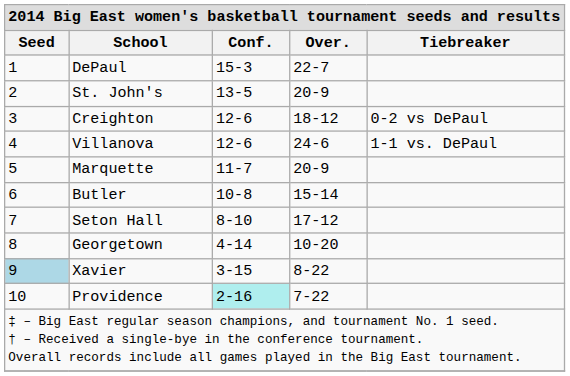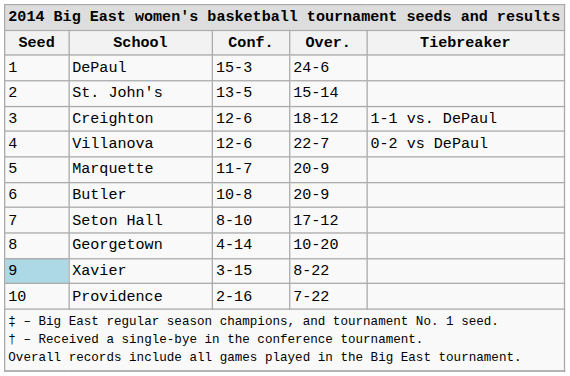 <table class="wikitable" style="white-space:nowrap; font-size:90%;">
 <tr>
 <td colspan="10" style="text-align:center; background:#DDDDDD; font:#000000"><strong>2014 Big East women's basketball tournament seeds and results</strong></td>
 </tr>
 <tr bgcolor="#efefef">
 <th>Seed</th>
 <th>School</th>
 <th>Conf.</th>
 <th>Over.</th>
 <th>Tiebreaker</th>
 </tr>
 <tr>
 <td>1</td>
 <td>DePaul</td>
 <td>15-3</td>
-<td>22-7</td>
+<td>24-6</td>
 <td></td>
 </tr>
 <tr>
 <td>2</td>
 <td>St. John's</td>
 <td>13-5</td>
-<td>20-9</td>
+<td>15-14</td>
 <td></td>
 </tr>
 <tr>
 <td>3</td>
 <td>Creighton</td>
 <td>12-6</td>
 <td>18-12</td>
-<td>0-2 vs DePaul</td>
+<td>1-1 vs. DePaul</td>
 </tr>
 <tr>
 <td>4</td>
 <td>Villanova</td>
 <td>12-6</td>
-<td>24-6</td>
-<td>1-1 vs. DePaul</td>
+<td>22-7</td>
+<td>0-2 vs DePaul</td>
 </tr>
 <tr>
 <td>5</td>
 <td>Marquette</td>
 <td>11-7</td>
 <td>20-9</td>
 <td></td>
 </tr>
 <tr>
 <td>6</td>
 <td>Butler</td>
 <td>10-8</td>
-<td>15-14</td>
+<td>20-9</td>
 <td></td>
 </tr>
 <tr>
 <td>7</td>
 <td>Seton Hall</td>
 <td>8-10</td>
 <td>17-12</td>
 <td></td>
 </tr>
 <tr>
 <td>8</td>
 <td>Georgetown</td>
 <td>4-14</td>
 <td>10-20</td>
 <td></td>
 </tr>
 <tr>
 <td style="background: lightblue;">9</td>
 <td>Xavier</td>
 <td>3-15</td>
 <td>8-22</td>
 <td></td>
 </tr>
 <tr>
 <td>10</td>
 <td>Providence</td>
-<td style="background: paleturquoise;">2-16</td>
+<td>2-16</td>
 <td>7-22</td>
 <td></td>
 </tr>
 <tr>
 <td colspan="10" style="text-align:left;"><small>‡ – Big East regular season champions, and tournament No. 1 seed.<br>† – Received a single-bye in the conference tournament.<br>Overall records include all games played in the Big East tournament.</small></td>
 </tr>
 <tr>
 </tr>
 </table>
